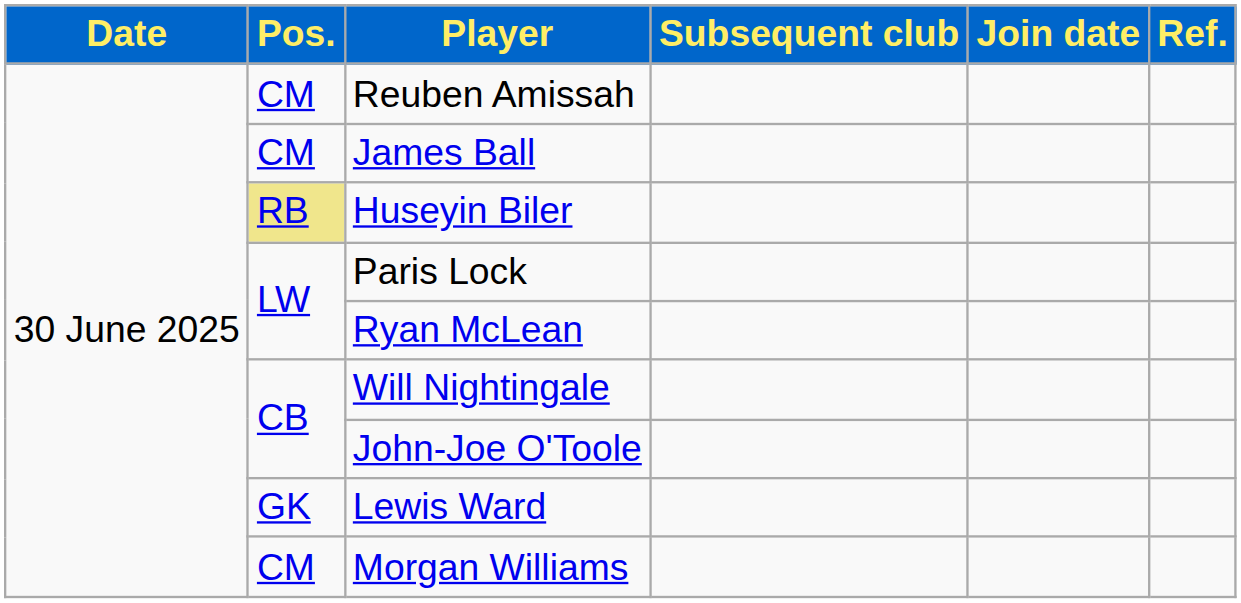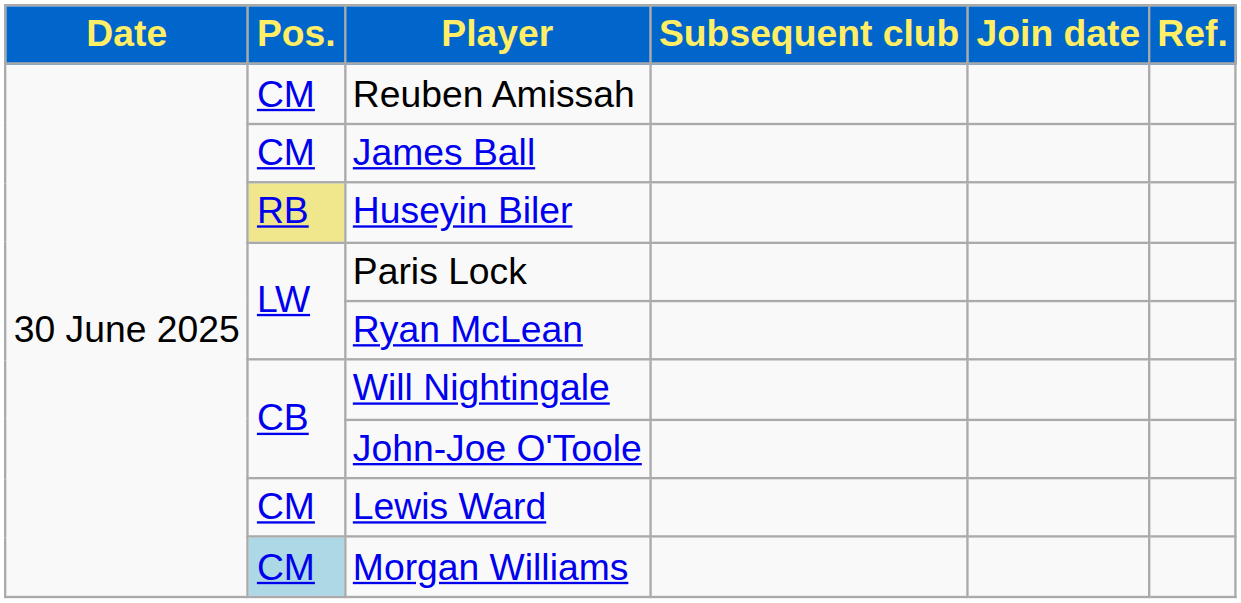 <table class="wikitable plainrowheaders sortable">
 <tr>
 <th style="background:#0066cb; color:#fe6; ">Date</th>
 <th style="background:#0066cb; color:#fe6; ">Pos.</th>
 <th style="background:#0066cb; color:#fe6; ">Player</th>
 <th style="background:#0066cb; color:#fe6; ">Subsequent club</th>
 <th style="background:#0066cb; color:#fe6; ">Join date</th>
 <th style="background:#0066cb; color:#fe6; ">Ref.</th>
 </tr>
 <tr>
 <td rowspan="9">30 June 2025</td>
 <td><a href='#'>CM</a></td>
 <td> Reuben Amissah</td>
 <td></td>
 <td></td>
 <td></td>
 </tr>
 <tr>
 <td><a href='#'>CM</a></td>
 <td> <a href='#'>James Ball</a></td>
 <td></td>
 <td></td>
 <td></td>
 </tr>
 <tr>
 <td style="background: khaki;"><a href='#'>RB</a></td>
 <td> <a href='#'>Huseyin Biler</a></td>
 <td></td>
 <td></td>
 <td></td>
 </tr>
 <tr>
 <td rowspan="2"><a href='#'>LW</a></td>
 <td> Paris Lock</td>
 <td></td>
 <td></td>
 <td></td>
 </tr>
 <tr>
 <td> <a href='#'>Ryan McLean</a></td>
 <td></td>
 <td></td>
 <td></td>
 </tr>
 <tr>
 <td rowspan="2"><a href='#'>CB</a></td>
 <td> <a href='#'>Will Nightingale</a></td>
 <td></td>
 <td></td>
 <td></td>
 </tr>
 <tr>
 <td> <a href='#'>John-Joe O'Toole</a></td>
 <td></td>
 <td></td>
 <td></td>
 </tr>
 <tr>
-<td><a href='#'>GK</a></td>
+<td><a href='#'>CM</a></td>
 <td> <a href='#'>Lewis Ward</a></td>
 <td></td>
 <td></td>
 <td></td>
 </tr>
 <tr>
-<td><a href='#'>CM</a></td>
+<td style="background: lightblue;"><a href='#'>CM</a></td>
 <td> <a href='#'>Morgan Williams</a></td>
 <td></td>
 <td></td>
 <td></td>
 </tr>
 </table>
